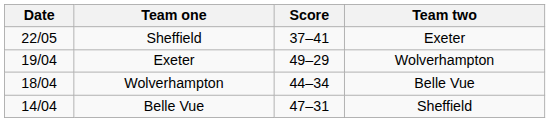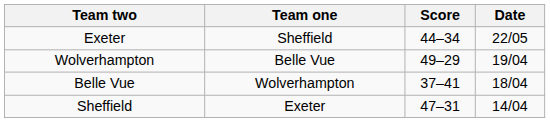 <table class="wikitable" style="text-align: center">
 <tr>
-<th width=80>Date</th>
+<th width=250>Team two</th>
 <th width=250>Team one</th>
 <th width=80>Score</th>
-<th width=250>Team two</th>
+<th width=80>Date</th>
 </tr>
 <tr>
+<td>Exeter</td>
+<td>Sheffield</td>
+<td>44–34</td>
 <td>22/05</td>
-<td>Sheffield</td>
-<td>37–41</td>
-<td>Exeter</td>
 </tr>
 <tr>
+<td>Wolverhampton</td>
+<td>Belle Vue</td>
+<td>49–29</td>
 <td>19/04</td>
-<td>Exeter</td>
-<td>49–29</td>
-<td>Wolverhampton</td>
 </tr>
 <tr>
+<td>Belle Vue</td>
+<td>Wolverhampton</td>
+<td>37–41</td>
 <td>18/04</td>
-<td>Wolverhampton</td>
-<td>44–34</td>
-<td>Belle Vue</td>
 </tr>
 <tr>
+<td>Sheffield</td>
+<td>Exeter</td>
+<td>47–31</td>
 <td>14/04</td>
-<td>Belle Vue</td>
-<td>47–31</td>
-<td>Sheffield</td>
 </tr>
 </table>
